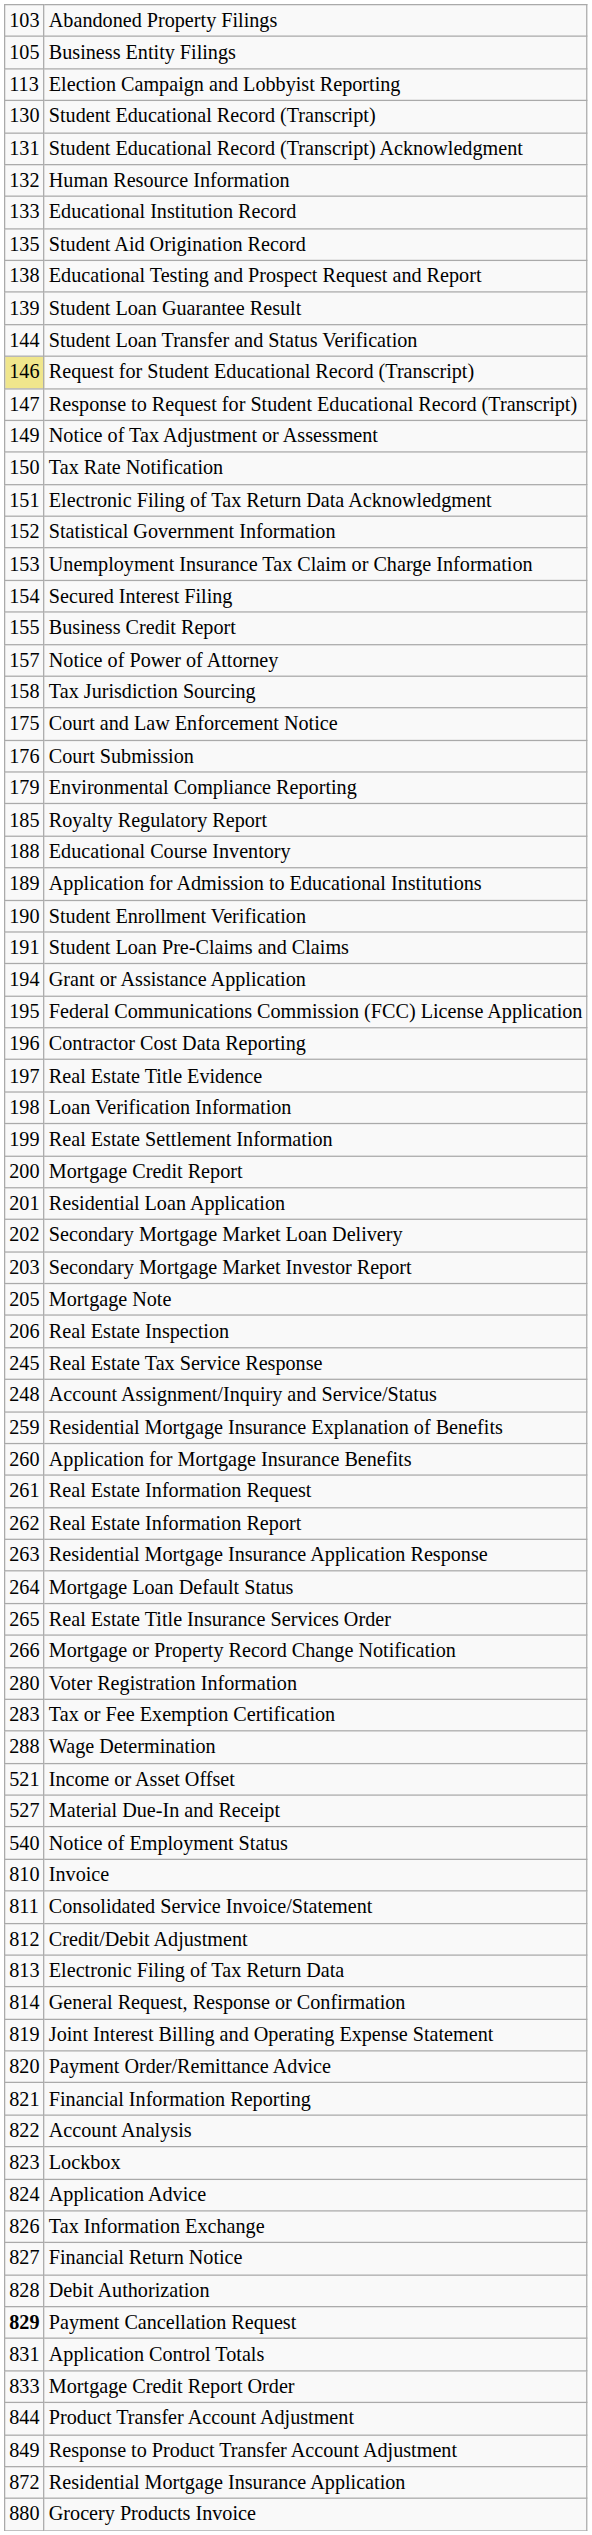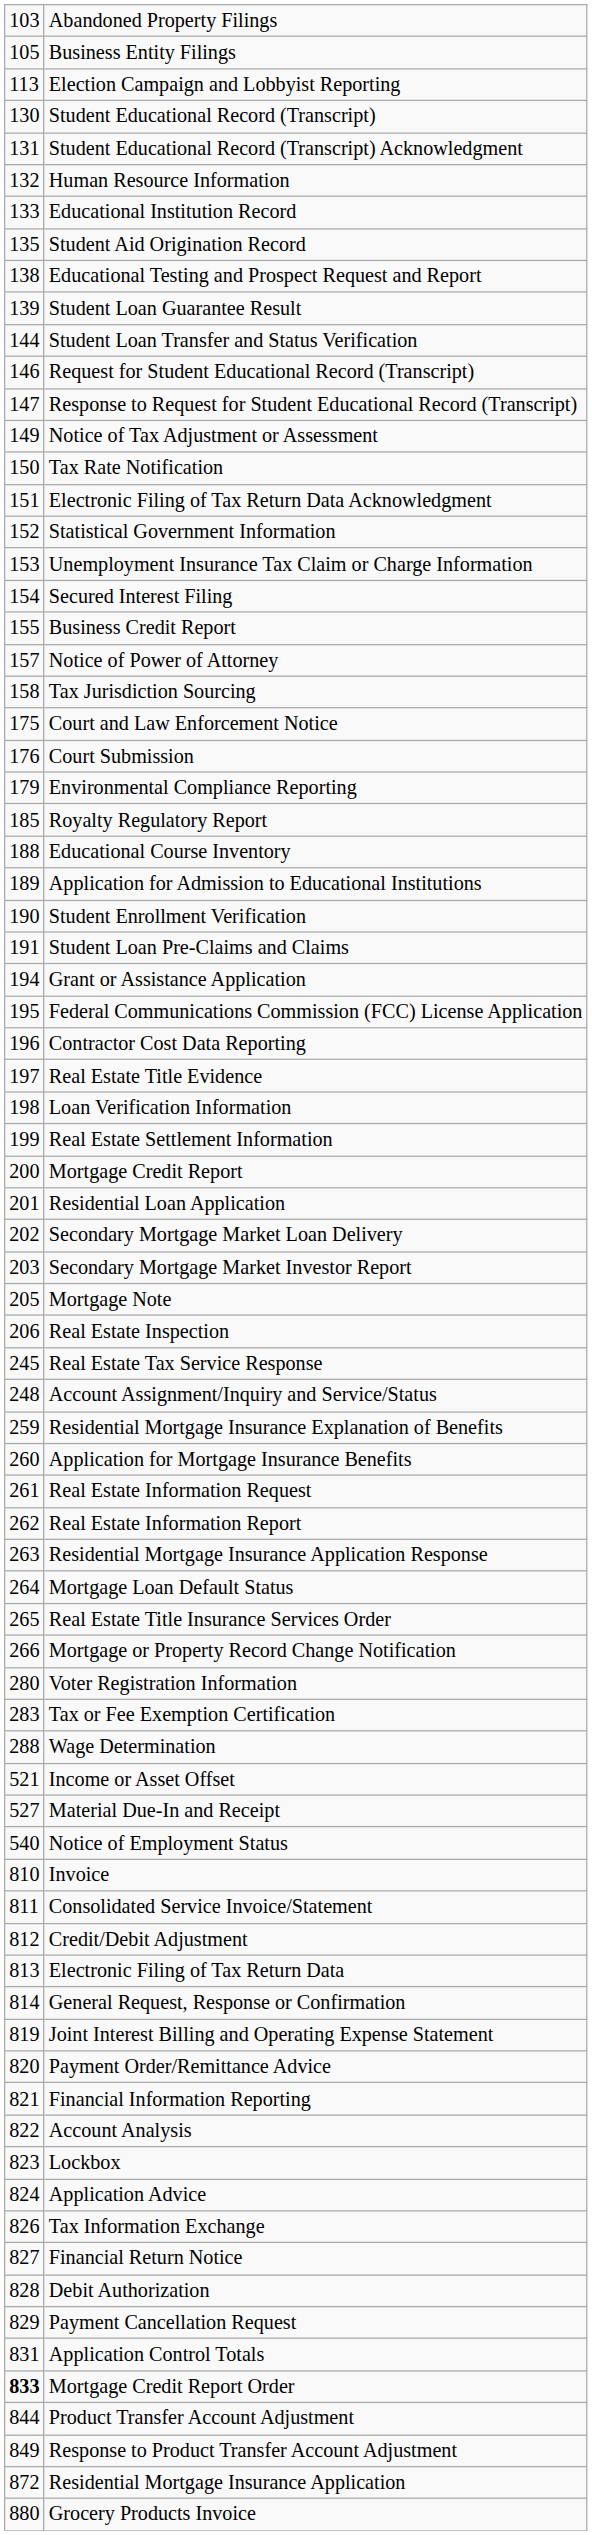 <table class="wikitable">
 <tr>
 <td>103</td>
 <td>Abandoned Property Filings</td>
 </tr>
 <tr>
 <td>105</td>
 <td>Business Entity Filings</td>
 </tr>
 <tr>
 <td>113</td>
 <td>Election Campaign and Lobbyist Reporting</td>
 </tr>
 <tr>
 <td>130</td>
 <td>Student Educational Record (Transcript)</td>
 </tr>
 <tr>
 <td>131</td>
 <td>Student Educational Record (Transcript) Acknowledgment</td>
 </tr>
 <tr>
 <td>132</td>
 <td>Human Resource Information</td>
 </tr>
 <tr>
 <td>133</td>
 <td>Educational Institution Record</td>
 </tr>
 <tr>
 <td>135</td>
 <td>Student Aid Origination Record</td>
 </tr>
 <tr>
 <td>138</td>
 <td>Educational Testing and Prospect Request and Report</td>
 </tr>
 <tr>
 <td>139</td>
 <td>Student Loan Guarantee Result</td>
 </tr>
 <tr>
 <td>144</td>
 <td>Student Loan Transfer and Status Verification</td>
 </tr>
 <tr>
-<td style="background: khaki;">146</td>
+<td>146</td>
 <td>Request for Student Educational Record (Transcript)</td>
 </tr>
 <tr>
 <td>147</td>
 <td>Response to Request for Student Educational Record (Transcript)</td>
 </tr>
 <tr>
 <td>149</td>
 <td>Notice of Tax Adjustment or Assessment</td>
 </tr>
 <tr>
 <td>150</td>
 <td>Tax Rate Notification</td>
 </tr>
 <tr>
 <td>151</td>
 <td>Electronic Filing of Tax Return Data Acknowledgment</td>
 </tr>
 <tr>
 <td>152</td>
 <td>Statistical Government Information</td>
 </tr>
 <tr>
 <td>153</td>
 <td>Unemployment Insurance Tax Claim or Charge Information</td>
 </tr>
 <tr>
 <td>154</td>
 <td>Secured Interest Filing</td>
 </tr>
 <tr>
 <td>155</td>
 <td>Business Credit Report</td>
 </tr>
 <tr>
 <td>157</td>
 <td>Notice of Power of Attorney</td>
 </tr>
 <tr>
 <td>158</td>
 <td>Tax Jurisdiction Sourcing</td>
 </tr>
 <tr>
 <td>175</td>
 <td>Court and Law Enforcement Notice</td>
 </tr>
 <tr>
 <td>176</td>
 <td>Court Submission</td>
 </tr>
 <tr>
 <td>179</td>
 <td>Environmental Compliance Reporting</td>
 </tr>
 <tr>
 <td>185</td>
 <td>Royalty Regulatory Report</td>
 </tr>
 <tr>
 <td>188</td>
 <td>Educational Course Inventory</td>
 </tr>
 <tr>
 <td>189</td>
 <td>Application for Admission to Educational Institutions</td>
 </tr>
 <tr>
 <td>190</td>
 <td>Student Enrollment Verification</td>
 </tr>
 <tr>
 <td>191</td>
 <td>Student Loan Pre-Claims and Claims</td>
 </tr>
 <tr>
 <td>194</td>
 <td>Grant or Assistance Application</td>
 </tr>
 <tr>
 <td>195</td>
 <td>Federal Communications Commission (FCC) License Application</td>
 </tr>
 <tr>
 <td>196</td>
 <td>Contractor Cost Data Reporting</td>
 </tr>
 <tr>
 <td>197</td>
 <td>Real Estate Title Evidence</td>
 </tr>
 <tr>
 <td>198</td>
 <td>Loan Verification Information</td>
 </tr>
 <tr>
 <td>199</td>
 <td>Real Estate Settlement Information</td>
 </tr>
 <tr>
 <td>200</td>
 <td>Mortgage Credit Report</td>
 </tr>
 <tr>
 <td>201</td>
 <td>Residential Loan Application</td>
 </tr>
 <tr>
 <td>202</td>
 <td>Secondary Mortgage Market Loan Delivery</td>
 </tr>
 <tr>
 <td>203</td>
 <td>Secondary Mortgage Market Investor Report</td>
 </tr>
 <tr>
 <td>205</td>
 <td>Mortgage Note</td>
 </tr>
 <tr>
 <td>206</td>
 <td>Real Estate Inspection</td>
 </tr>
 <tr>
 <td>245</td>
 <td>Real Estate Tax Service Response</td>
 </tr>
 <tr>
 <td>248</td>
 <td>Account Assignment/Inquiry and Service/Status</td>
 </tr>
 <tr>
 <td>259</td>
 <td>Residential Mortgage Insurance Explanation of Benefits</td>
 </tr>
 <tr>
 <td>260</td>
 <td>Application for Mortgage Insurance Benefits</td>
 </tr>
 <tr>
 <td>261</td>
 <td>Real Estate Information Request</td>
 </tr>
 <tr>
 <td>262</td>
 <td>Real Estate Information Report</td>
 </tr>
 <tr>
 <td>263</td>
 <td>Residential Mortgage Insurance Application Response</td>
 </tr>
 <tr>
 <td>264</td>
 <td>Mortgage Loan Default Status</td>
 </tr>
 <tr>
 <td>265</td>
 <td>Real Estate Title Insurance Services Order</td>
 </tr>
 <tr>
 <td>266</td>
 <td>Mortgage or Property Record Change Notification</td>
 </tr>
 <tr>
 <td>280</td>
 <td>Voter Registration Information</td>
 </tr>
 <tr>
 <td>283</td>
 <td>Tax or Fee Exemption Certification</td>
 </tr>
 <tr>
 <td>288</td>
 <td>Wage Determination</td>
 </tr>
 <tr>
 <td>521</td>
 <td>Income or Asset Offset</td>
 </tr>
 <tr>
 <td>527</td>
 <td>Material Due-In and Receipt</td>
 </tr>
 <tr>
 <td>540</td>
 <td>Notice of Employment Status</td>
 </tr>
 <tr>
 <td>810</td>
 <td>Invoice</td>
 </tr>
 <tr>
 <td>811</td>
 <td>Consolidated Service Invoice/Statement</td>
 </tr>
 <tr>
 <td>812</td>
 <td>Credit/Debit Adjustment</td>
 </tr>
 <tr>
 <td>813</td>
 <td>Electronic Filing of Tax Return Data</td>
 </tr>
 <tr>
 <td>814</td>
 <td>General Request, Response or Confirmation</td>
 </tr>
 <tr>
 <td>819</td>
 <td>Joint Interest Billing and Operating Expense Statement</td>
 </tr>
 <tr>
 <td>820</td>
 <td>Payment Order/Remittance Advice</td>
 </tr>
 <tr>
 <td>821</td>
 <td>Financial Information Reporting</td>
 </tr>
 <tr>
 <td>822</td>
 <td>Account Analysis</td>
 </tr>
 <tr>
 <td>823</td>
 <td>Lockbox</td>
 </tr>
 <tr>
 <td>824</td>
 <td>Application Advice</td>
 </tr>
 <tr>
 <td>826</td>
 <td>Tax Information Exchange</td>
 </tr>
 <tr>
 <td>827</td>
 <td>Financial Return Notice</td>
 </tr>
 <tr>
 <td>828</td>
 <td>Debit Authorization</td>
 </tr>
 <tr>
-<td><strong>829</strong></td>
+<td>829</td>
 <td>Payment Cancellation Request</td>
 </tr>
 <tr>
 <td>831</td>
 <td>Application Control Totals</td>
 </tr>
 <tr>
-<td>833</td>
+<td><strong>833</strong></td>
 <td>Mortgage Credit Report Order</td>
 </tr>
 <tr>
 <td>844</td>
 <td>Product Transfer Account Adjustment</td>
 </tr>
 <tr>
 <td>849</td>
 <td>Response to Product Transfer Account Adjustment</td>
 </tr>
 <tr>
 <td>872</td>
 <td>Residential Mortgage Insurance Application</td>
 </tr>
 <tr>
 <td>880</td>
 <td>Grocery Products Invoice</td>
 </tr>
 </table>
